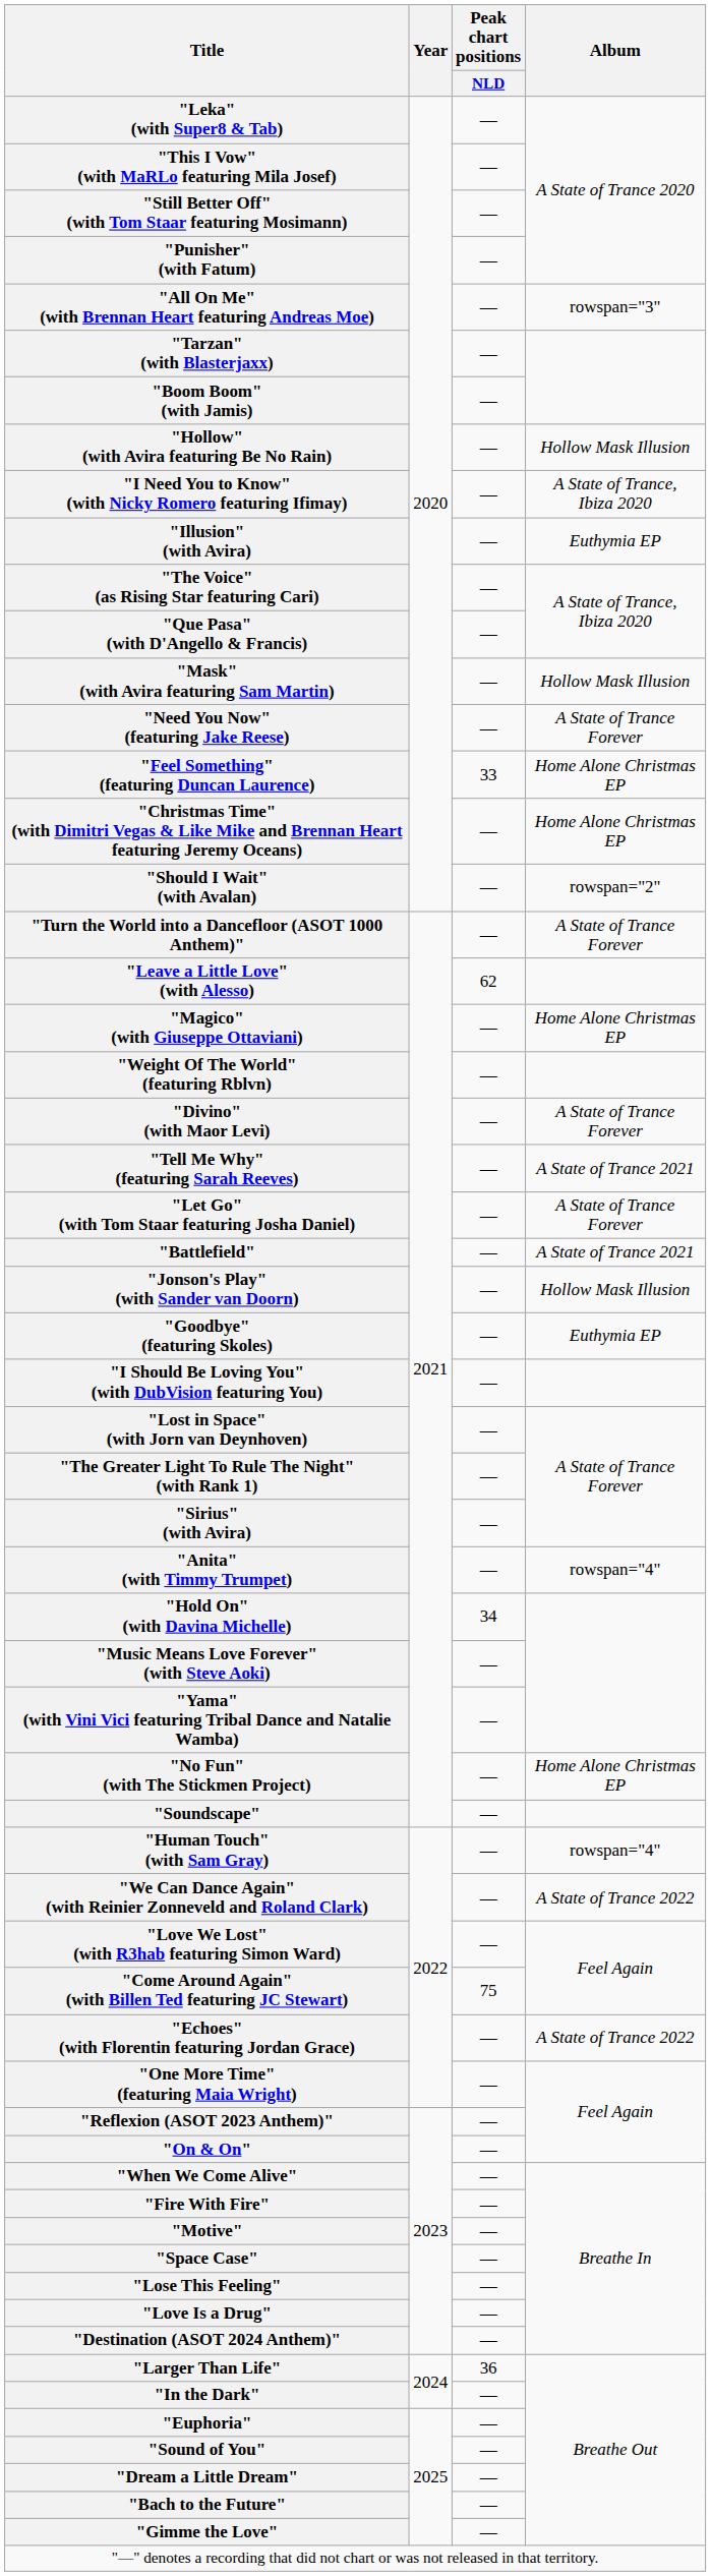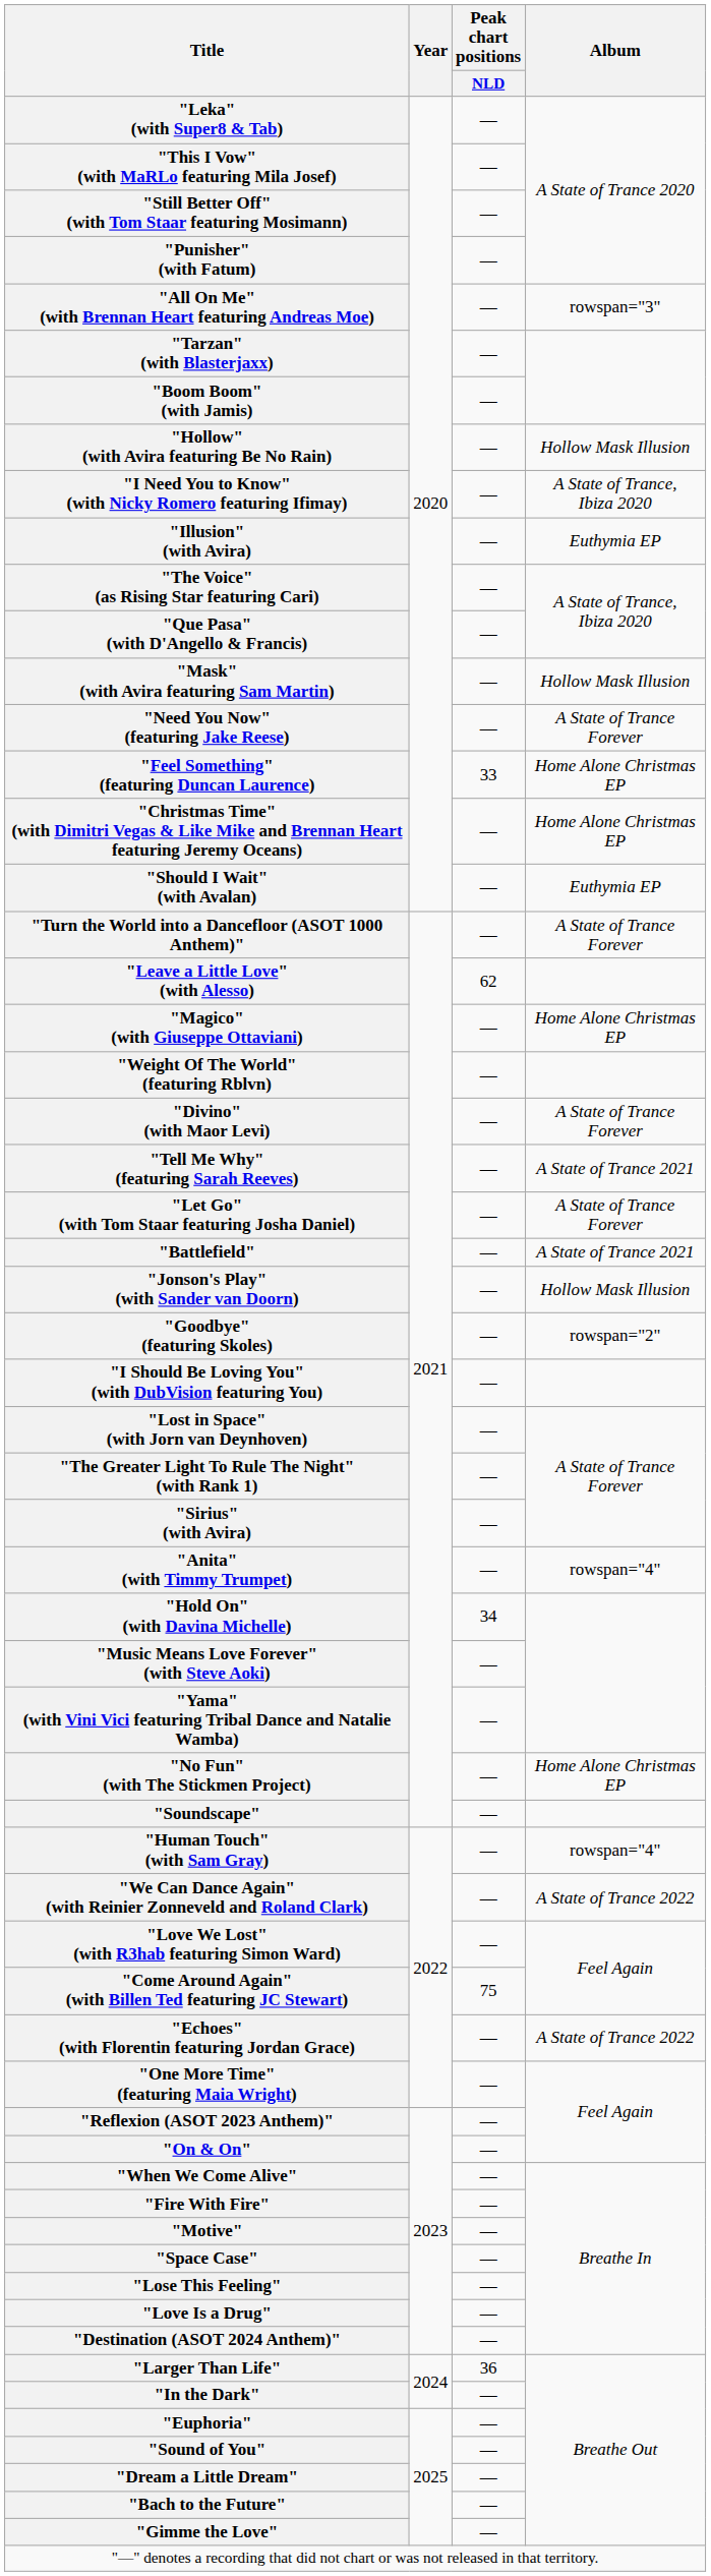 <table class="wikitable plainrowheaders" style="text-align:center;" border="1">
 <tr>
 <th scope="col" rowspan="2" style="width:23em;">Title</th>
 <th scope="col" rowspan="2" style="width:1em;">Year</th>
 <th scope="col" colspan="1">Peak chart positions</th>
 <th scope="col" rowspan="2" style="width:10em;">Album</th>
 </tr>
 <tr>
 <th scope="col" style="width:2.5em;font-size:90%;"><a href='#'>NLD</a><br></th>
 </tr>
 <tr>
 <th scope="row">"Leka" <br><span>(with <a href='#'>Super8 & Tab</a>)</span></th>
 <td rowspan="17">2020</td>
 <td>—</td>
 <td rowspan="4"><em>A State of Trance 2020</em></td>
 </tr>
 <tr>
 <th scope="row">"This I Vow" <br><span>(with <a href='#'>MaRLo</a> featuring Mila Josef)</span></th>
 <td>—</td>
 </tr>
 <tr>
 <th scope="row">"Still Better Off" <br><span>(with <a href='#'>Tom Staar</a> featuring Mosimann)</span></th>
 <td>—</td>
 </tr>
 <tr>
 <th scope="row">"Punisher" <br><span>(with Fatum)</span></th>
 <td>—</td>
 </tr>
 <tr>
 <th scope="row">"All On Me" <br><span>(with <a href='#'>Brennan Heart</a> featuring <a href='#'>Andreas Moe</a>)</span></th>
 <td>—</td>
 <td>rowspan="3" </td>
 </tr>
 <tr>
 <th scope="row">"Tarzan" <br><span>(with <a href='#'>Blasterjaxx</a>)</span></th>
 <td>—</td>
 </tr>
 <tr>
 <th scope="row">"Boom Boom" <br><span>(with Jamis)</span></th>
 <td>—</td>
 </tr>
 <tr>
 <th scope="row">"Hollow" <br><span>(with Avira featuring Be No Rain)</span></th>
 <td>—</td>
 <td><em>Hollow Mask Illusion</em></td>
 </tr>
 <tr>
 <th scope="row">"I Need You to Know" <br><span>(with <a href='#'>Nicky Romero</a> featuring Ifimay)</span></th>
 <td>—</td>
 <td><em>A State of Trance,<br>Ibiza 2020</em></td>
 </tr>
 <tr>
 <th scope="row">"Illusion" <br><span>(with Avira)</span></th>
 <td>—</td>
 <td><em>Euthymia EP</em></td>
 </tr>
 <tr>
 <th scope="row">"The Voice" <br><span>(as Rising Star featuring Cari)</span></th>
 <td>—</td>
 <td rowspan="2"><em>A State of Trance,<br>Ibiza 2020</em></td>
 </tr>
 <tr>
 <th scope="row">"Que Pasa" <br><span>(with D'Angello & Francis)</span></th>
 <td>—</td>
 </tr>
 <tr>
 <th scope="row">"Mask" <br><span>(with Avira featuring <a href='#'>Sam Martin</a>)</span></th>
 <td>—</td>
 <td><em>Hollow Mask Illusion</em></td>
 </tr>
 <tr>
 <th scope="row">"Need You Now" <br><span>(featuring <a href='#'>Jake Reese</a>)</span></th>
 <td>—</td>
 <td><em>A State of Trance Forever</em></td>
 </tr>
 <tr>
 <th scope="row">"<a href='#'>Feel Something</a>" <br><span>(featuring <a href='#'>Duncan Laurence</a>)</span></th>
 <td>33</td>
 <td><em>Home Alone Christmas EP</em></td>
 </tr>
 <tr>
 <th scope="row">"Christmas Time" <br><span>(with <a href='#'>Dimitri Vegas & Like Mike</a> and <a href='#'>Brennan Heart</a> featuring Jeremy Oceans)</span></th>
 <td>—</td>
 <td><em>Home Alone Christmas EP</em></td>
 </tr>
 <tr>
 <th scope="row">"Should I Wait" <br><span>(with Avalan)</span></th>
 <td>—</td>
-<td>rowspan="2" </td>
+<td><em>Euthymia EP</em></td>
 </tr>
 <tr>
 <th scope="row">"Turn the World into a Dancefloor (ASOT 1000 Anthem)"</th>
 <td rowspan="20">2021</td>
 <td>—</td>
 <td><em>A State of Trance Forever</em></td>
 </tr>
 <tr>
 <th scope="row">"<a href='#'>Leave a Little Love</a>" <br><span>(with <a href='#'>Alesso</a>)</span></th>
 <td>62</td>
 <td></td>
 </tr>
 <tr>
 <th scope="row">"Magico" <br><span>(with <a href='#'>Giuseppe Ottaviani</a>)</span></th>
 <td>—</td>
 <td><em>Home Alone Christmas EP</em></td>
 </tr>
 <tr>
 <th scope="row">"Weight Of The World" <br><span>(featuring Rblvn)</span></th>
 <td>—</td>
 <td></td>
 </tr>
 <tr>
 <th scope="row">"Divino"<br><span>(with Maor Levi)</span></th>
 <td>—</td>
 <td><em>A State of Trance Forever</em></td>
 </tr>
 <tr>
 <th scope="row">"Tell Me Why" <br><span>(featuring <a href='#'>Sarah Reeves</a>)</span></th>
 <td>—</td>
 <td><em>A State of Trance 2021</em></td>
 </tr>
 <tr>
 <th scope="row">"Let Go" <br><span>(with Tom Staar featuring Josha Daniel)</span></th>
 <td>—</td>
 <td><em>A State of Trance Forever</em></td>
 </tr>
 <tr>
 <th scope="row">"Battlefield"</th>
 <td>—</td>
 <td><em>A State of Trance 2021</em></td>
 </tr>
 <tr>
 <th scope="row">"Jonson's Play" <br><span>(with <a href='#'>Sander van Doorn</a>)</span></th>
 <td>—</td>
 <td><em>Hollow Mask Illusion</em></td>
 </tr>
 <tr>
 <th scope="row">"Goodbye" <br><span>(featuring Skoles)</span></th>
 <td>—</td>
-<td><em>Euthymia EP</em></td>
+<td>rowspan="2" </td>
 </tr>
 <tr>
 <th scope="row">"I Should Be Loving You" <br><span>(with <a href='#'>DubVision</a> featuring You)</span></th>
 <td>—</td>
 </tr>
 <tr>
 <th scope="row">"Lost in Space" <br><span>(with Jorn van Deynhoven)</span></th>
 <td>—</td>
 <td rowspan="3"><em>A State of Trance Forever</em></td>
 </tr>
 <tr>
 <th scope="row">"The Greater Light To Rule The Night" <br><span>(with Rank 1)</span></th>
 <td>—</td>
 </tr>
 <tr>
 <th scope="row">"Sirius" <br><span>(with Avira)</span></th>
 <td>―</td>
 </tr>
 <tr>
 <th scope="row">"Anita" <br><span>(with <a href='#'>Timmy Trumpet</a>)</span></th>
 <td>―</td>
 <td>rowspan="4" </td>
 </tr>
 <tr>
 <th scope="row">"Hold On" <br><span>(with <a href='#'>Davina Michelle</a>)</span></th>
 <td>34</td>
 </tr>
 <tr>
 <th scope="row">"Music Means Love Forever" <br><span>(with <a href='#'>Steve Aoki</a>)</span></th>
 <td>―</td>
 </tr>
 <tr>
 <th scope="row">"Yama" <br><span>(with <a href='#'>Vini Vici</a> featuring Tribal Dance and Natalie Wamba)</span></th>
 <td>—</td>
 </tr>
 <tr>
 <th scope="row">"No Fun" <br><span>(with The Stickmen Project)</span></th>
 <td>—</td>
 <td><em>Home Alone Christmas EP</em></td>
 </tr>
 <tr>
 <th scope="row">"Soundscape"</th>
 <td>—</td>
 <td></td>
 </tr>
 <tr>
 <th scope="row">"Human Touch"<br><span>(with <a href='#'>Sam Gray</a>)</span></th>
 <td rowspan="6">2022</td>
 <td>—</td>
 <td>rowspan="4" </td>
 </tr>
 <tr>
 <th scope="row">"We Can Dance Again" <br><span>(with Reinier Zonneveld and <a href='#'>Roland Clark</a>)</span></th>
 <td>—</td>
 <td><em>A State of Trance 2022</em></td>
 </tr>
 <tr>
 <th scope="row">"Love We Lost" <br><span>(with <a href='#'>R3hab</a> featuring Simon Ward)</span></th>
 <td>—</td>
 <td rowspan="2"><em>Feel Again</em></td>
 </tr>
 <tr>
 <th scope="row">"Come Around Again" <br><span>(with <a href='#'>Billen Ted</a> featuring <a href='#'>JC Stewart</a>)</span></th>
 <td>75</td>
 </tr>
 <tr>
 <th scope="row">"Echoes" <br><span>(with Florentin featuring Jordan Grace)</span></th>
 <td>—</td>
 <td><em>A State of Trance 2022</em></td>
 </tr>
 <tr>
 <th scope="row">"One More Time" <br><span>(featuring <a href='#'>Maia Wright</a>)</span></th>
 <td>—</td>
 <td rowspan="3"><em>Feel Again</em></td>
 </tr>
 <tr>
 <th scope="row">"Reflexion (ASOT 2023 Anthem)"<br></th>
 <td rowspan="9">2023</td>
 <td>—</td>
 </tr>
 <tr>
 <th scope="row">"<a href='#'>On & On</a>"<br></th>
 <td>—</td>
 </tr>
 <tr>
 <th scope="row">"When We Come Alive"<br></th>
 <td>—</td>
 <td rowspan="7"><em>Breathe In</em></td>
 </tr>
 <tr>
 <th scope="row">"Fire With Fire"<br></th>
 <td>—</td>
 </tr>
 <tr>
 <th scope="row">"Motive"</th>
 <td>—</td>
 </tr>
 <tr>
 <th scope="row">"Space Case"</th>
 <td>—</td>
 </tr>
 <tr>
 <th scope="row">"Lose This Feeling"</th>
 <td>—</td>
 </tr>
 <tr>
 <th scope="row">"Love Is a Drug"<br></th>
 <td>—</td>
 </tr>
 <tr>
 <th scope="row">"Destination (ASOT 2024 Anthem)"<br></th>
 <td>—</td>
 </tr>
 <tr>
 <th scope="row">"Larger Than Life"<br></th>
 <td rowspan="2">2024</td>
 <td>36</td>
 <td rowspan="7"><em>Breathe Out</em></td>
 </tr>
 <tr>
 <th scope="row">"In the Dark"<br></th>
 <td>—</td>
 </tr>
 <tr>
 <th scope="row">"Euphoria"<br></th>
 <td rowspan="5">2025</td>
 <td>—</td>
 </tr>
 <tr>
 <th scope="row">"Sound of You"<br></th>
 <td>—</td>
 </tr>
 <tr>
 <th scope="row">"Dream a Little Dream"<br></th>
 <td>—</td>
 </tr>
 <tr>
 <th scope="row">"Bach to the Future"<br></th>
 <td>—</td>
 </tr>
 <tr>
 <th scope="row">"Gimme the Love"<br></th>
 <td>—</td>
 </tr>
 <tr>
 <td colspan="13" style="font-size:90%">"—" denotes a recording that did not chart or was not released in that territory.</td>
 </tr>
 </table>
